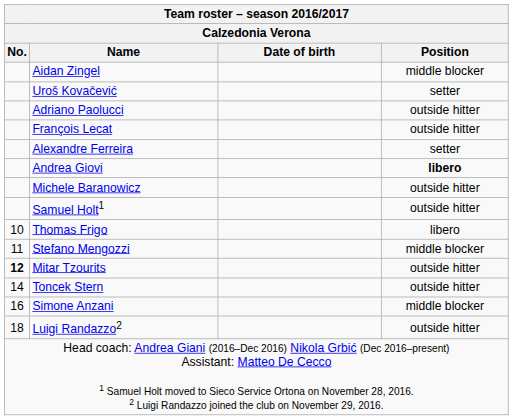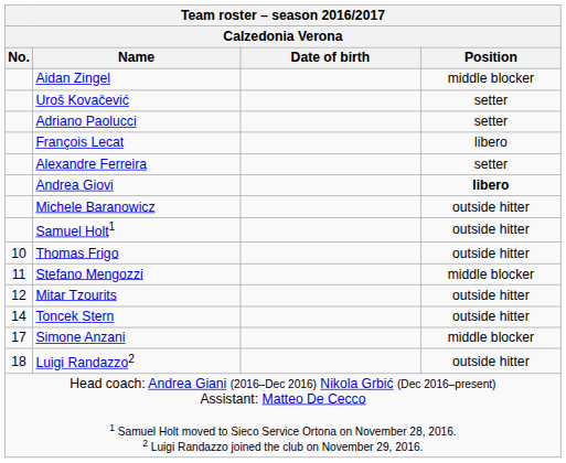 <table class="wikitable collapsible collapsed sortable" style="font-size:100%; text-align:center;">
 <tr>
 <th colspan=6>Team roster – season 2016/2017</th>
 </tr>
 <tr>
 <th colspan=6>Calzedonia Verona</th>
 </tr>
 <tr>
 <th>No.</th>
 <th style="width:15em">Name</th>
 <th style="width:13em">Date of birth</th>
 <th style="width:10em">Position</th>
 </tr>
 <tr>
 <td></td>
 <td align=left> <a href='#'>Aidan Zingel</a></td>
 <td align=right></td>
 <td>middle blocker</td>
 </tr>
 <tr>
 <td></td>
 <td align=left> <a href='#'>Uroš Kovačević</a></td>
 <td align=right></td>
 <td>setter</td>
 </tr>
 <tr>
 <td></td>
 <td align=left> <a href='#'>Adriano Paolucci</a></td>
 <td align=right></td>
-<td>outside hitter</td>
+<td>setter</td>
 </tr>
 <tr>
 <td></td>
 <td align=left> <a href='#'>François Lecat</a></td>
 <td align=right></td>
-<td>outside hitter</td>
+<td>libero</td>
 </tr>
 <tr>
 <td></td>
 <td align=left> <a href='#'>Alexandre Ferreira</a></td>
 <td align=right></td>
 <td>setter</td>
 </tr>
 <tr>
 <td></td>
 <td align=left> <a href='#'>Andrea Giovi</a></td>
 <td align=right></td>
 <td><strong>libero</strong></td>
 </tr>
 <tr>
 <td></td>
 <td align=left> <a href='#'>Michele Baranowicz</a></td>
 <td align=right></td>
 <td>outside hitter</td>
 </tr>
 <tr>
 <td></td>
 <td align=left> <a href='#'>Samuel Holt</a><sup>1</sup></td>
 <td align=right></td>
 <td>outside hitter</td>
 </tr>
 <tr>
 <td>10</td>
 <td align=left> <a href='#'>Thomas Frigo</a></td>
 <td align=right></td>
-<td>libero</td>
+<td>outside hitter</td>
 </tr>
 <tr>
 <td>11</td>
 <td align=left> <a href='#'>Stefano Mengozzi</a></td>
 <td align=right></td>
 <td>middle blocker</td>
 </tr>
 <tr>
-<td><strong>12</strong></td>
+<td>12</td>
 <td align=left> <a href='#'>Mitar Tzourits</a></td>
 <td align=right></td>
 <td>outside hitter</td>
 </tr>
 <tr>
 <td>14</td>
 <td align=left> <a href='#'>Toncek Stern</a></td>
 <td align=right></td>
 <td>outside hitter</td>
 </tr>
 <tr>
-<td>16</td>
+<td>17</td>
 <td align=left> <a href='#'>Simone Anzani</a></td>
 <td align=right></td>
 <td>middle blocker</td>
 </tr>
 <tr>
 <td>18</td>
 <td align=left> <a href='#'>Luigi Randazzo</a><sup>2</sup></td>
 <td align=right></td>
 <td>outside hitter</td>
 </tr>
 <tr>
 <td colspan=4>Head coach: <a href='#'>Andrea Giani</a> <small>(2016–Dec 2016)</small> <a href='#'>Nikola Grbić</a> <small>(Dec 2016–present)</small><br>Assistant: <a href='#'>Matteo De Cecco</a><br><br><small><sup>1</sup> Samuel Holt moved to Sieco Service Ortona on November 28, 2016.</small><br> <small><sup>2</sup> Luigi Randazzo joined the club on November 29, 2016.</small></td>
 </tr>
 </table>
